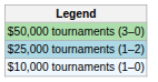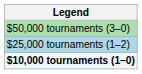 <table class="wikitable" style="font-size:85%">
 <tr>
 <th>Legend</th>
 </tr>
 <tr style="background:#addfad;">
 <td>$50,000 tournaments (3–0)</td>
 </tr>
 <tr style="background:lightblue;">
 <td>$25,000 tournaments (1–2)</td>
 </tr>
 <tr style="background:#f0f8ff;">
-<td>$10,000 tournaments (1–0)</td>
+<td><strong>$10,000 tournaments (1–0)</strong></td>
 </tr>
 </table>
